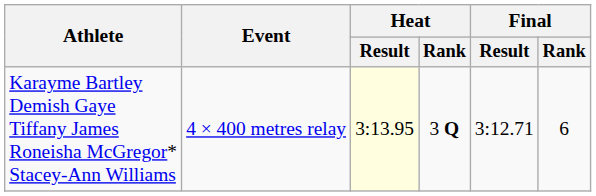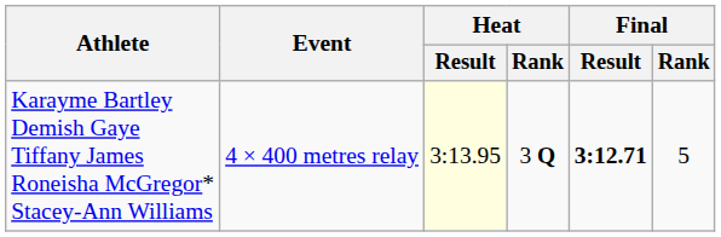 <table class="wikitable" style="font-size:90%">
 <tr>
 <th rowspan="2">Athlete</th>
 <th rowspan="2">Event</th>
 <th colspan="2">Heat</th>
 <th colspan="2">Final</th>
 </tr>
 <tr style="font-size:95%">
 <th>Result</th>
 <th>Rank</th>
 <th>Result</th>
 <th>Rank</th>
 </tr>
 <tr align=center>
 <td align=left><a href='#'>Karayme Bartley</a><br><a href='#'>Demish Gaye</a><br><a href='#'>Tiffany James</a><br><a href='#'>Roneisha McGregor</a>*<br><a href='#'>Stacey-Ann Williams</a></td>
 <td align=left><a href='#'>4 × 400 metres relay</a></td>
 <td style="background: lightyellow;">3:13.95 </td>
 <td>3 <strong>Q</strong></td>
-<td>3:12.71 </td>
-<td>6</td>
+<td><strong>3:12.71 </strong></td>
+<td>5</td>
 </tr>
 </table>
